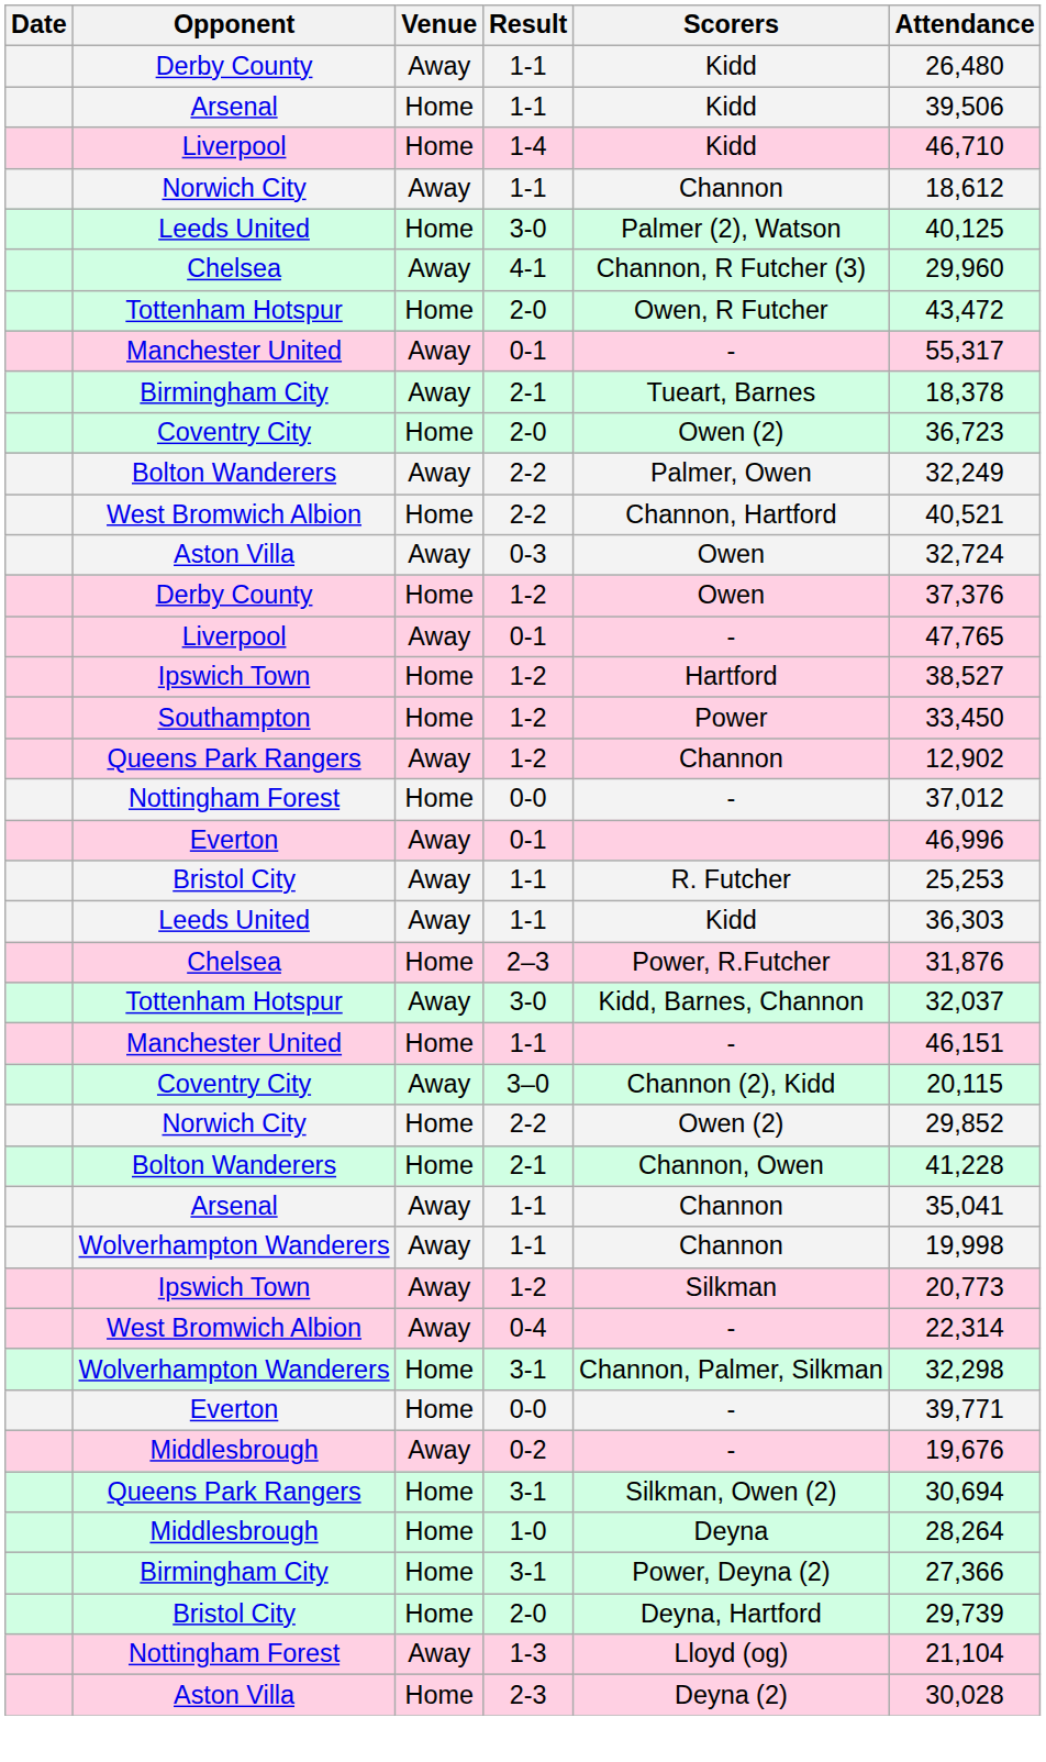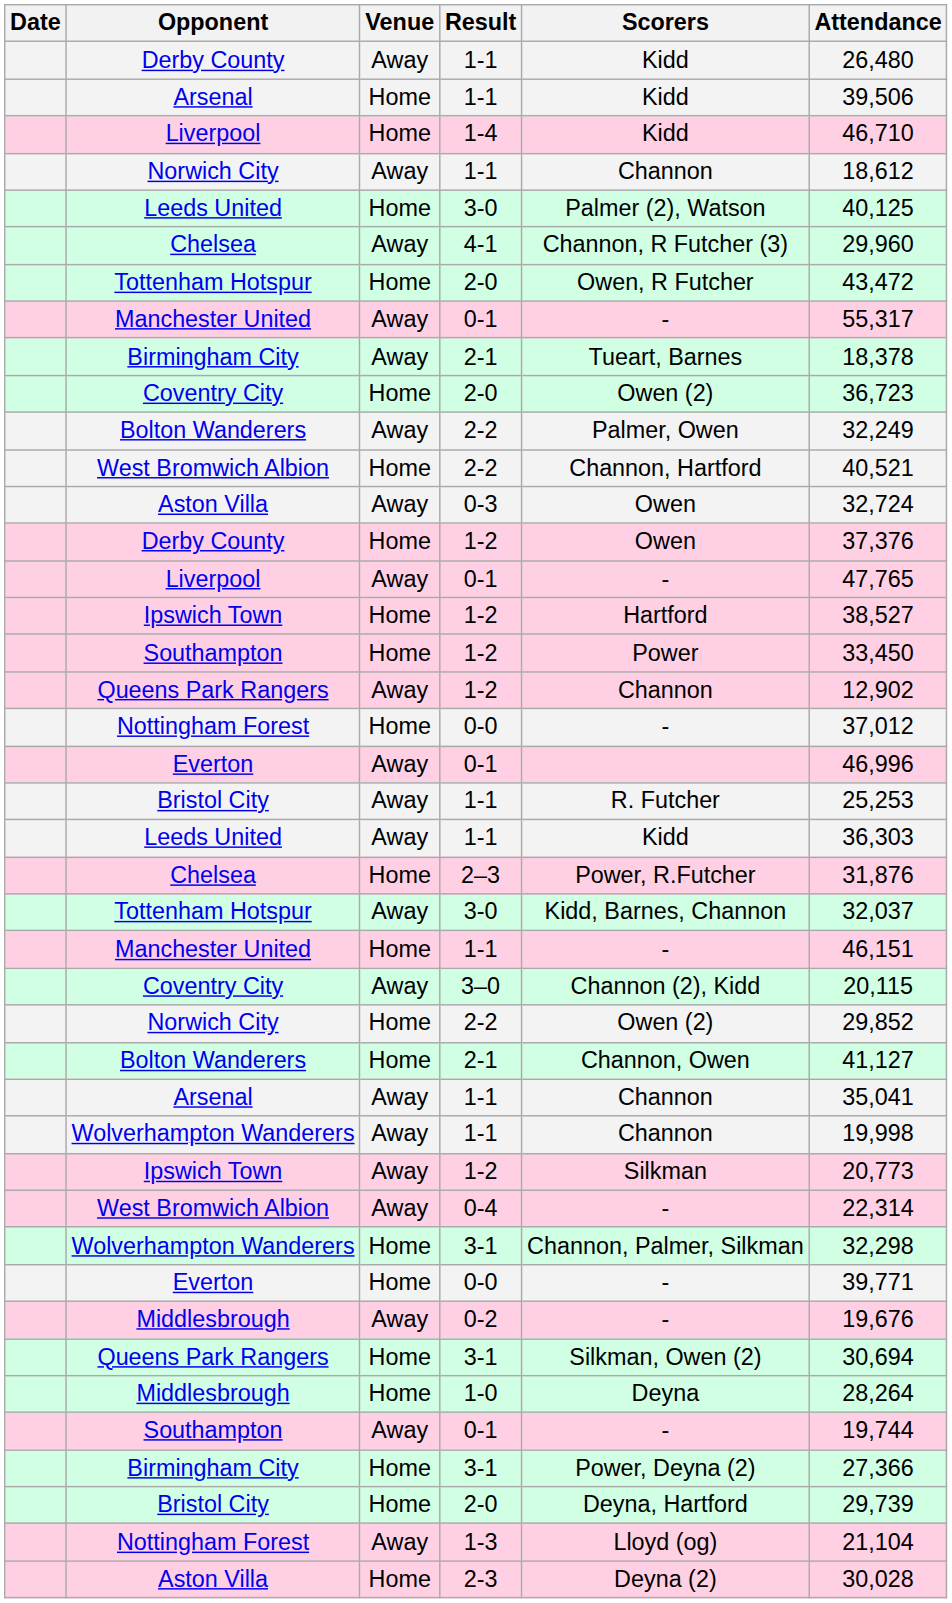 <table class="wikitable sortable" style="text-align:center;">
 <tr>
 <th>Date</th>
 <th>Opponent</th>
 <th>Venue</th>
 <th>Result</th>
 <th class=unsortable>Scorers</th>
 <th>Attendance</th>
 </tr>
 <tr bgcolor="#f3f3f3">
 <td></td>
 <td><a href='#'>Derby County</a></td>
 <td>Away</td>
 <td>1-1</td>
 <td>Kidd</td>
 <td>26,480</td>
 </tr>
 <tr bgcolor="#f3f3f3">
 <td></td>
 <td><a href='#'>Arsenal</a></td>
 <td>Home</td>
 <td>1-1</td>
 <td>Kidd</td>
 <td>39,506</td>
 </tr>
 <tr bgcolor="#ffd0e3">
 <td></td>
 <td><a href='#'>Liverpool</a></td>
 <td>Home</td>
 <td>1-4</td>
 <td>Kidd</td>
 <td>46,710</td>
 </tr>
 <tr bgcolor="#f3f3f3">
 <td></td>
 <td><a href='#'>Norwich City</a></td>
 <td>Away</td>
 <td>1-1</td>
 <td>Channon</td>
 <td>18,612</td>
 </tr>
 <tr bgcolor="#d0ffe3">
 <td></td>
 <td><a href='#'>Leeds United</a></td>
 <td>Home</td>
 <td>3-0</td>
 <td>Palmer (2), Watson</td>
 <td>40,125 </td>
 </tr>
 <tr bgcolor="#d0ffe3">
 <td></td>
 <td><a href='#'>Chelsea</a></td>
 <td>Away</td>
 <td>4-1</td>
 <td>Channon, R Futcher (3)</td>
 <td>29,960</td>
 </tr>
 <tr bgcolor="#d0ffe3">
 <td></td>
 <td><a href='#'>Tottenham Hotspur</a></td>
 <td>Home</td>
 <td>2-0</td>
 <td>Owen, R Futcher</td>
 <td>43,472</td>
 </tr>
 <tr bgcolor="#ffd0e3">
 <td></td>
 <td><a href='#'>Manchester United</a></td>
 <td>Away</td>
 <td>0-1</td>
 <td>-</td>
 <td>55,317</td>
 </tr>
 <tr bgcolor="#d0ffe3">
 <td></td>
 <td><a href='#'>Birmingham City</a></td>
 <td>Away</td>
 <td>2-1</td>
 <td>Tueart, Barnes</td>
 <td>18,378</td>
 </tr>
 <tr bgcolor="#d0ffe3">
 <td></td>
 <td><a href='#'>Coventry City</a></td>
 <td>Home</td>
 <td>2-0</td>
 <td>Owen (2)</td>
 <td>36,723</td>
 </tr>
 <tr bgcolor="#f3f3f3">
 <td></td>
 <td><a href='#'>Bolton Wanderers</a></td>
 <td>Away</td>
 <td>2-2</td>
 <td>Palmer, Owen</td>
 <td>32,249</td>
 </tr>
 <tr bgcolor="#f3f3f3">
 <td></td>
 <td><a href='#'>West Bromwich Albion</a></td>
 <td>Home</td>
 <td>2-2</td>
 <td>Channon, Hartford</td>
 <td>40,521</td>
 </tr>
 <tr bgcolor="#f3f3f3">
 <td></td>
 <td><a href='#'>Aston Villa</a></td>
 <td>Away</td>
 <td>0-3</td>
 <td>Owen</td>
 <td>32,724</td>
 </tr>
 <tr bgcolor="#ffd0e3">
 <td></td>
 <td><a href='#'>Derby County</a></td>
 <td>Home</td>
 <td>1-2</td>
 <td>Owen</td>
 <td>37,376</td>
 </tr>
 <tr bgcolor="#ffd0e3">
 <td></td>
 <td><a href='#'>Liverpool</a></td>
 <td>Away</td>
 <td>0-1</td>
 <td>-</td>
 <td>47,765</td>
 </tr>
 <tr bgcolor="#ffd0e3">
 <td></td>
 <td><a href='#'>Ipswich Town</a></td>
 <td>Home</td>
 <td>1-2</td>
 <td>Hartford</td>
 <td>38,527</td>
 </tr>
 <tr bgcolor="#ffd0e3">
 <td></td>
 <td><a href='#'>Southampton</a></td>
 <td>Home</td>
 <td>1-2</td>
 <td>Power</td>
 <td>33,450</td>
 </tr>
 <tr bgcolor="#ffd0e3">
 <td></td>
 <td><a href='#'>Queens Park Rangers</a></td>
 <td>Away</td>
 <td>1-2</td>
 <td>Channon</td>
 <td>12,902</td>
 </tr>
 <tr bgcolor="#f3f3f3">
 <td></td>
 <td><a href='#'>Nottingham Forest</a></td>
 <td>Home</td>
 <td>0-0</td>
 <td>-</td>
 <td>37,012</td>
 </tr>
 <tr bgcolor="#ffd0e3">
 <td></td>
 <td><a href='#'>Everton</a></td>
 <td>Away</td>
 <td>0-1</td>
 <td></td>
 <td>46,996</td>
 </tr>
 <tr bgcolor="#f3f3f3">
 <td></td>
 <td><a href='#'>Bristol City</a></td>
 <td>Away</td>
 <td>1-1</td>
 <td>R. Futcher</td>
 <td>25,253</td>
 </tr>
 <tr bgcolor="#f3f3f3">
 <td></td>
 <td><a href='#'>Leeds United</a></td>
 <td>Away</td>
 <td>1-1</td>
 <td>Kidd</td>
 <td>36,303</td>
 </tr>
 <tr bgcolor="#ffd0e3">
 <td></td>
 <td><a href='#'>Chelsea</a></td>
 <td>Home</td>
 <td>2–3</td>
 <td>Power, R.Futcher</td>
 <td>31,876</td>
 </tr>
 <tr bgcolor="#d0ffe3">
 <td></td>
 <td><a href='#'>Tottenham Hotspur</a></td>
 <td>Away</td>
 <td>3-0</td>
 <td>Kidd, Barnes, Channon</td>
 <td>32,037</td>
 </tr>
 <tr bgcolor="#ffd0e3">
 <td></td>
 <td><a href='#'>Manchester United</a></td>
 <td>Home</td>
 <td>1-1</td>
 <td>-</td>
 <td>46,151</td>
 </tr>
 <tr bgcolor="#d0ffe3">
 <td></td>
 <td><a href='#'>Coventry City</a></td>
 <td>Away</td>
 <td>3–0</td>
 <td>Channon (2), Kidd</td>
 <td>20,115</td>
 </tr>
 <tr bgcolor="#f3f3f3">
 <td></td>
 <td><a href='#'>Norwich City</a></td>
 <td>Home</td>
 <td>2-2</td>
 <td>Owen (2)</td>
 <td>29,852</td>
 </tr>
 <tr bgcolor="#d0ffe3">
 <td></td>
 <td><a href='#'>Bolton Wanderers</a></td>
 <td>Home</td>
 <td>2-1</td>
 <td>Channon, Owen</td>
-<td>41,228</td>
+<td>41,127</td>
 </tr>
 <tr bgcolor="#f3f3f3">
 <td></td>
 <td><a href='#'>Arsenal</a></td>
 <td>Away</td>
 <td>1-1</td>
 <td>Channon</td>
 <td>35,041</td>
 </tr>
 <tr bgcolor="#f3f3f3">
 <td></td>
 <td><a href='#'>Wolverhampton Wanderers</a></td>
 <td>Away</td>
 <td>1-1</td>
 <td>Channon</td>
 <td>19,998</td>
 </tr>
 <tr bgcolor="#ffd0e3">
 <td></td>
 <td><a href='#'>Ipswich Town</a></td>
 <td>Away</td>
 <td>1-2</td>
 <td>Silkman</td>
 <td>20,773</td>
 </tr>
 <tr bgcolor="#ffd0e3">
 <td></td>
 <td><a href='#'>West Bromwich Albion</a></td>
 <td>Away</td>
 <td>0-4</td>
 <td>-</td>
 <td>22,314</td>
 </tr>
 <tr bgcolor="#d0ffe3">
 <td></td>
 <td><a href='#'>Wolverhampton Wanderers</a></td>
 <td>Home</td>
 <td>3-1</td>
 <td>Channon, Palmer, Silkman</td>
 <td>32,298</td>
 </tr>
 <tr bgcolor="#f3f3f3">
 <td></td>
 <td><a href='#'>Everton</a></td>
 <td>Home</td>
 <td>0-0</td>
 <td>-</td>
 <td>39,771</td>
 </tr>
 <tr bgcolor="#ffd0e3">
 <td></td>
 <td><a href='#'>Middlesbrough</a></td>
 <td>Away</td>
 <td>0-2</td>
 <td>-</td>
 <td>19,676</td>
 </tr>
 <tr bgcolor="#d0ffe3">
 <td></td>
 <td><a href='#'>Queens Park Rangers</a></td>
 <td>Home</td>
 <td>3-1</td>
 <td>Silkman, Owen (2)</td>
 <td>30,694</td>
 </tr>
 <tr bgcolor="#d0ffe3">
 <td></td>
 <td><a href='#'>Middlesbrough</a></td>
 <td>Home</td>
 <td>1-0</td>
 <td>Deyna</td>
 <td>28,264</td>
 </tr>
+<tr bgcolor="#ffd0e3">
+<td></td>
+<td><a href='#'>Southampton</a></td>
+<td>Away</td>
+<td>0-1</td>
+<td>-</td>
+<td>19,744</td>
+</tr>
 <tr bgcolor="#d0ffe3">
 <td></td>
 <td><a href='#'>Birmingham City</a></td>
 <td>Home</td>
 <td>3-1</td>
 <td>Power, Deyna (2)</td>
 <td>27,366</td>
 </tr>
 <tr bgcolor="#d0ffe3">
 <td></td>
 <td><a href='#'>Bristol City</a></td>
 <td>Home</td>
 <td>2-0</td>
 <td>Deyna, Hartford</td>
 <td>29,739</td>
 </tr>
 <tr bgcolor="#ffd0e3">
 <td></td>
 <td><a href='#'>Nottingham Forest</a></td>
 <td>Away</td>
 <td>1-3</td>
 <td>Lloyd (og)</td>
 <td>21,104</td>
 </tr>
 <tr bgcolor="#ffd0e3">
 <td></td>
 <td><a href='#'>Aston Villa</a></td>
 <td>Home</td>
 <td>2-3</td>
 <td>Deyna (2)</td>
 <td>30,028</td>
 </tr>
 </table>
